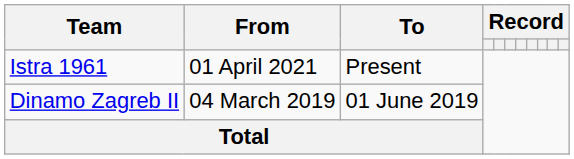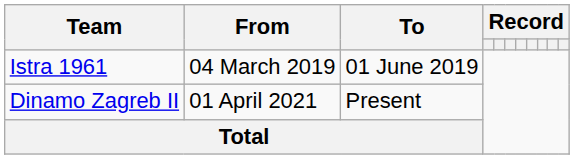 <table class=wikitable style="text-align: center">
 <tr>
 <th rowspan=2>Team</th>
 <th rowspan=2>From</th>
 <th rowspan=2>To</th>
 <th colspan=8>Record</th>
 </tr>
 <tr>
 <th></th>
 <th></th>
 <th></th>
 <th></th>
 <th></th>
 <th></th>
 <th></th>
 <th></th>
 </tr>
 <tr>
 <td align=left><a href='#'>Istra 1961</a></td>
-<td align=left>01 April 2021</td>
-<td align=left>Present<br></td>
+<td align=left>04 March 2019</td>
+<td align=left>01 June 2019<br></td>
 </tr>
 <tr>
 <td align=left><a href='#'>Dinamo Zagreb II</a></td>
-<td align=left>04 March 2019</td>
-<td align=left>01 June 2019<br></td>
+<td align=left>01 April 2021</td>
+<td align=left>Present<br></td>
 </tr>
 <tr>
 <th colspan=3>Total<br></th>
 </tr>
 </table>
